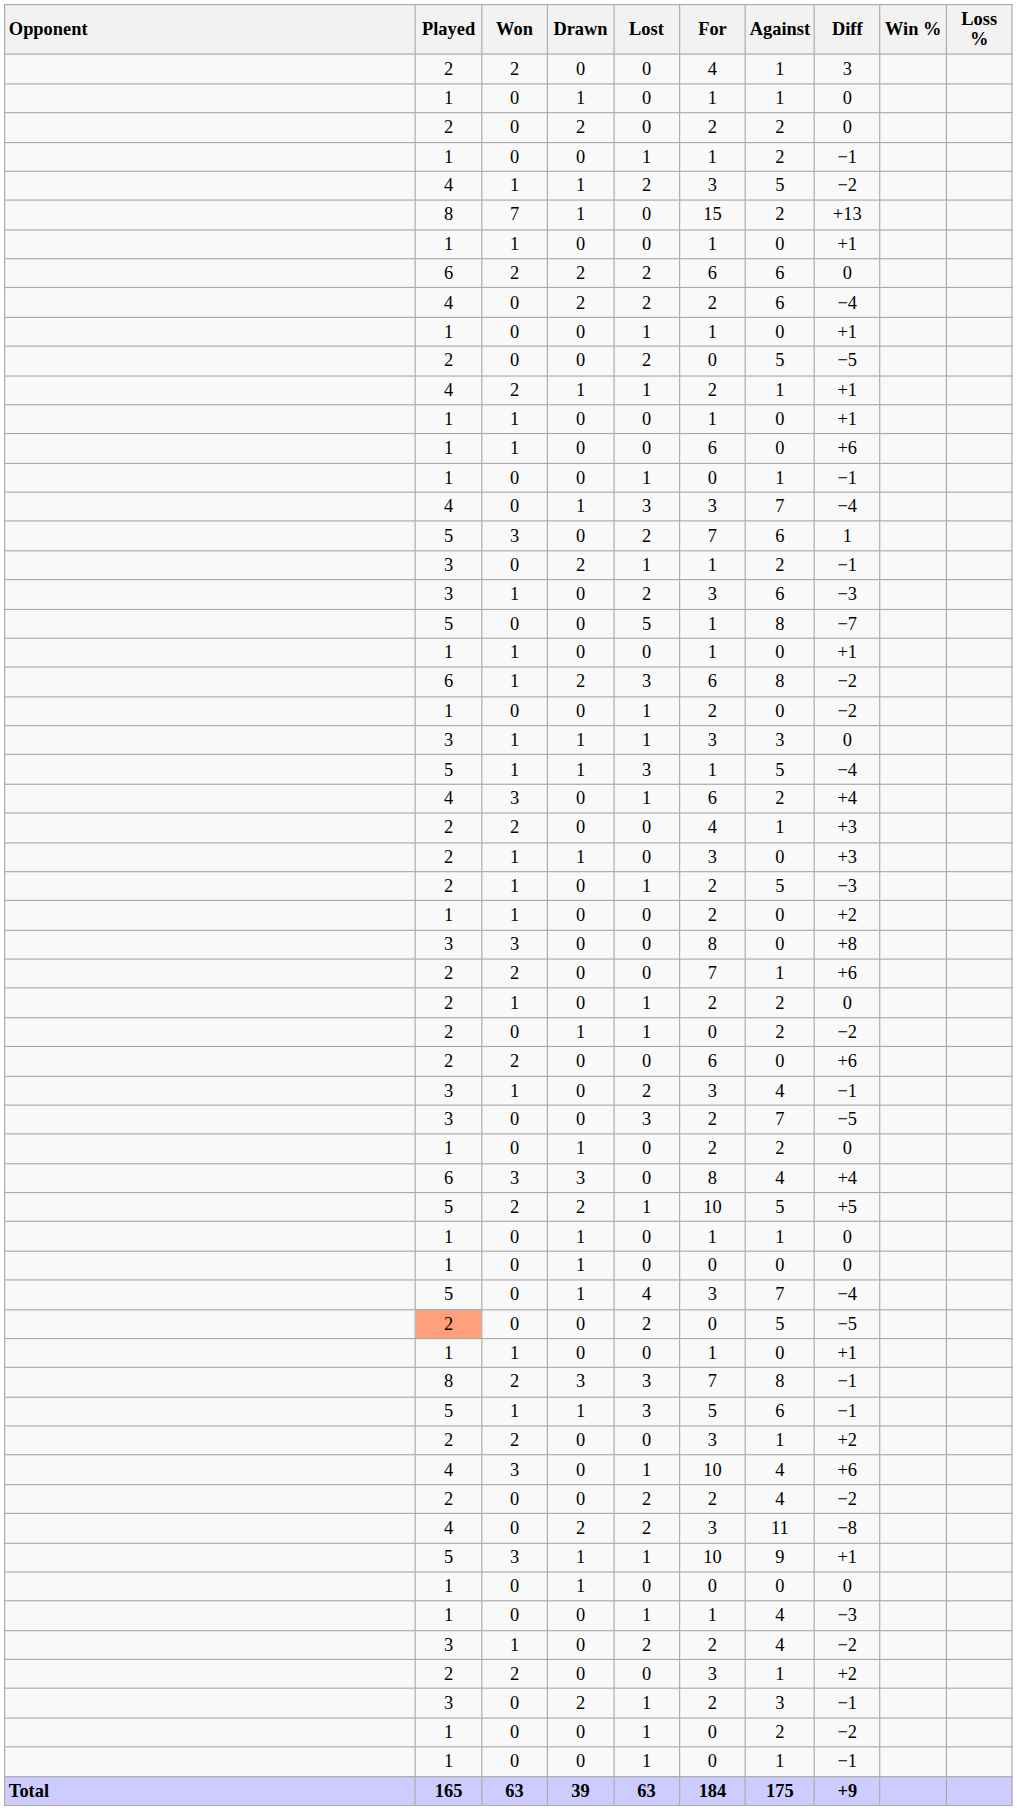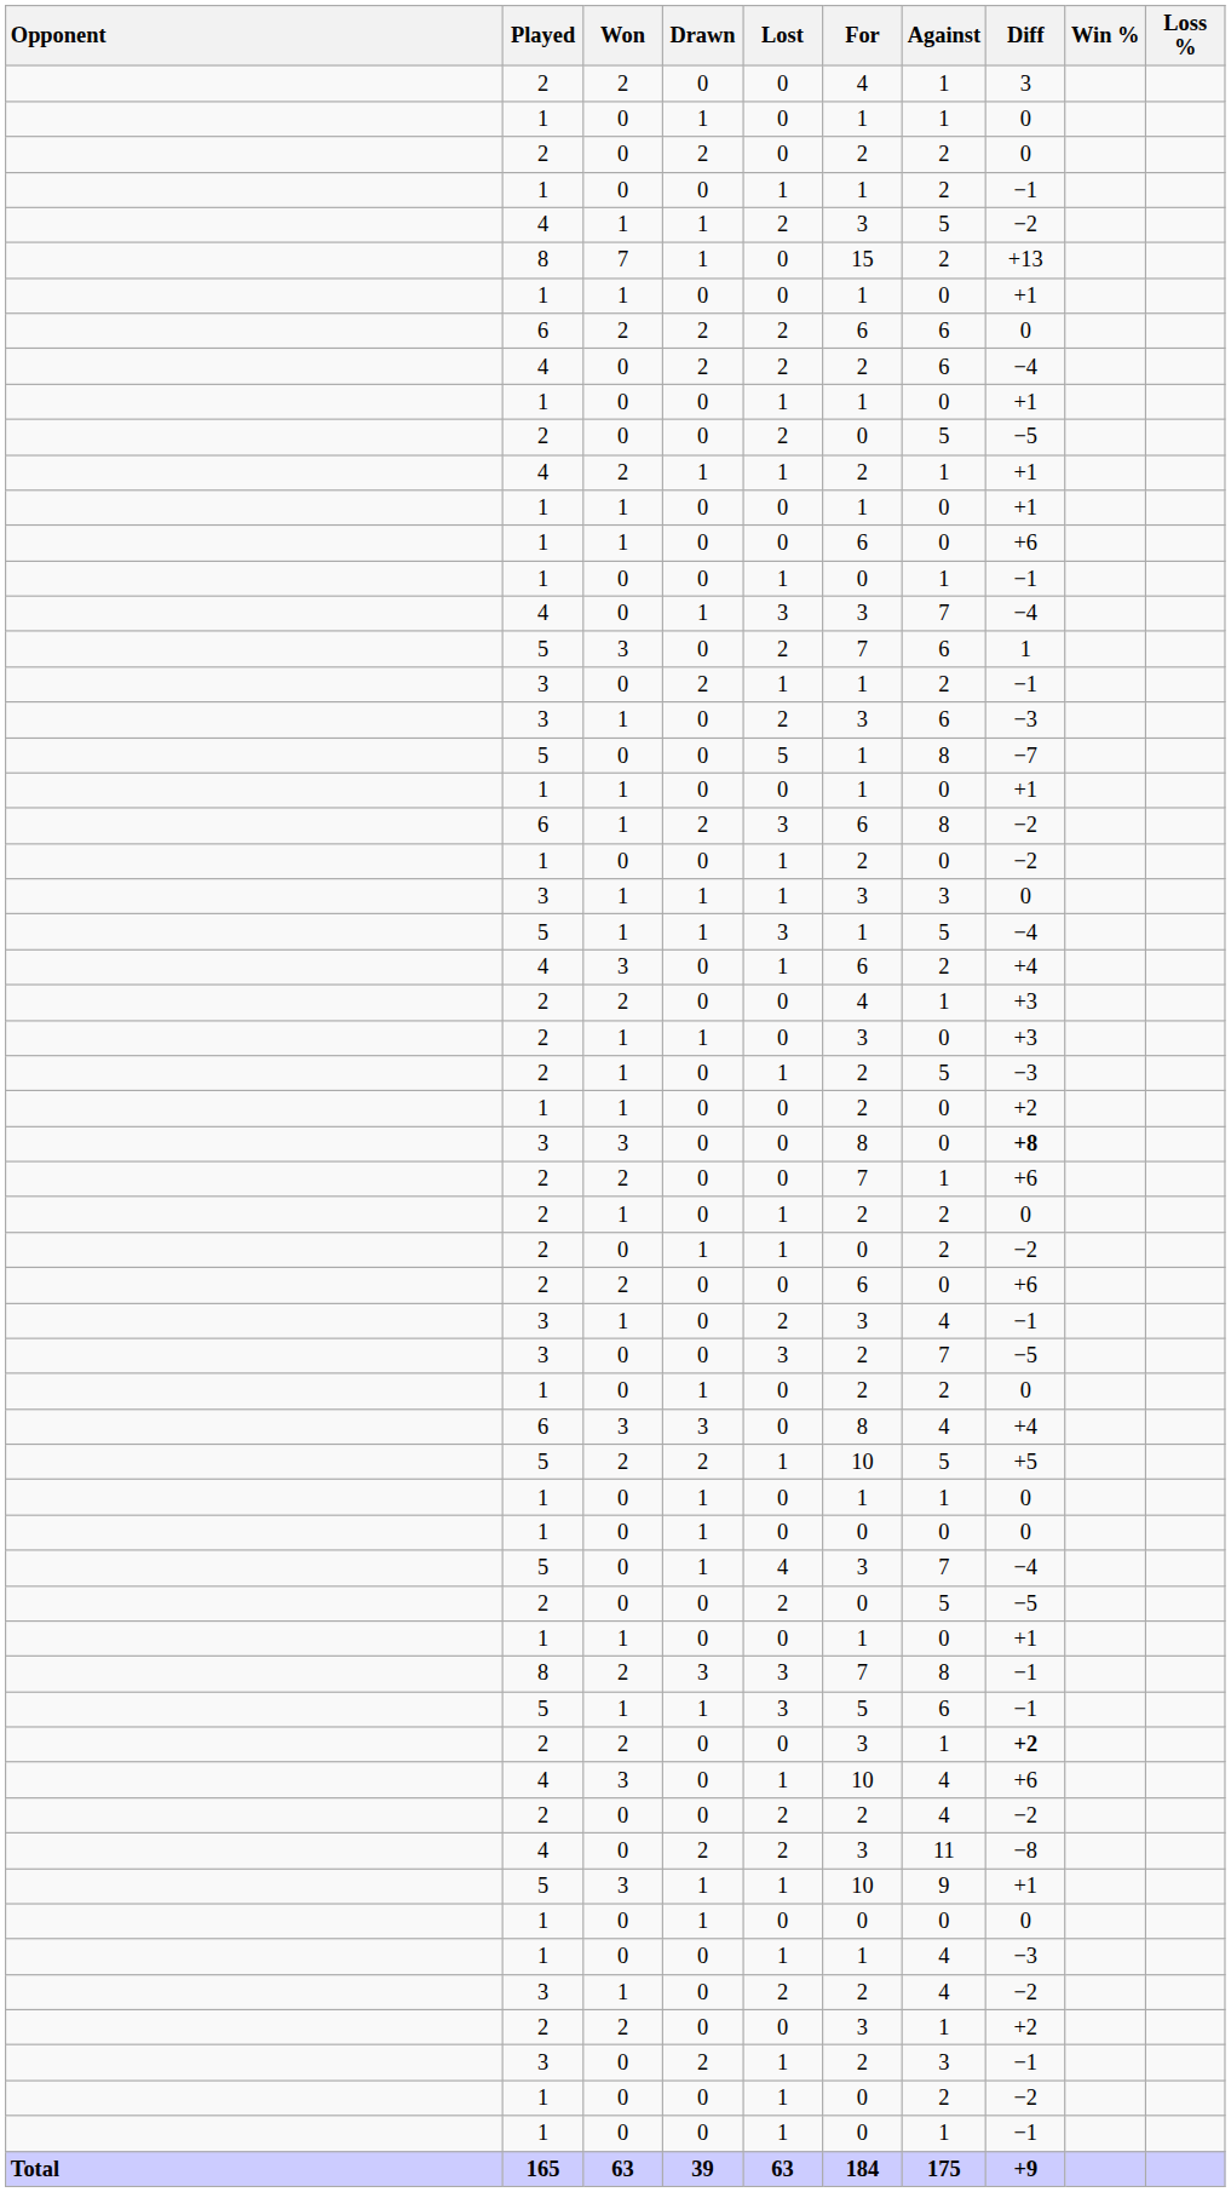 <table class="wikitable" style="text-align:center">
 <tr>
 <th style="width:350px;text-align:left">Opponent</th>
 <th style="width:50px">Played</th>
 <th style="width:50px">Won</th>
 <th style="width:50px">Drawn</th>
 <th style="width:50px">Lost</th>
 <th style="width:50px">For</th>
 <th style="width:50px">Against</th>
 <th style="width:50px">Diff</th>
 <th style="width:50px">Win %</th>
 <th style="width:50px">Loss %</th>
 </tr>
 <tr>
 <td style="text-align:left"><strong></strong></td>
 <td>2</td>
 <td>2</td>
 <td>0</td>
 <td>0</td>
 <td>4</td>
 <td>1</td>
 <td>3</td>
 <td></td>
 <td></td>
 </tr>
 <tr>
 <td style="text-align:left"><strong></strong></td>
 <td>1</td>
 <td>0</td>
 <td>1</td>
 <td>0</td>
 <td>1</td>
 <td>1</td>
 <td>0</td>
 <td></td>
 <td></td>
 </tr>
 <tr>
 <td style="text-align:left"><strong></strong></td>
 <td>2</td>
 <td>0</td>
 <td>2</td>
 <td>0</td>
 <td>2</td>
 <td>2</td>
 <td>0</td>
 <td></td>
 <td></td>
 </tr>
 <tr>
 <td style="text-align:left"><strong></strong></td>
 <td>1</td>
 <td>0</td>
 <td>0</td>
 <td>1</td>
 <td>1</td>
 <td>2</td>
 <td>−1</td>
 <td></td>
 <td></td>
 </tr>
 <tr>
 <td style="text-align:left"><strong></strong></td>
 <td>4</td>
 <td>1</td>
 <td>1</td>
 <td>2</td>
 <td>3</td>
 <td>5</td>
 <td>−2</td>
 <td></td>
 <td></td>
 </tr>
 <tr>
 <td style="text-align:left"><strong></strong></td>
 <td>8</td>
 <td>7</td>
 <td>1</td>
 <td>0</td>
 <td>15</td>
 <td>2</td>
 <td>+13</td>
 <td></td>
 <td></td>
 </tr>
 <tr>
 <td style="text-align:left"><strong></strong></td>
 <td>1</td>
 <td>1</td>
 <td>0</td>
 <td>0</td>
 <td>1</td>
 <td>0</td>
 <td>+1</td>
 <td></td>
 <td></td>
 </tr>
 <tr>
 <td style="text-align:left"><strong></strong></td>
 <td>6</td>
 <td>2</td>
 <td>2</td>
 <td>2</td>
 <td>6</td>
 <td>6</td>
 <td>0</td>
 <td></td>
 <td></td>
 </tr>
 <tr>
 <td style="text-align:left"><strong></strong></td>
 <td>4</td>
 <td>0</td>
 <td>2</td>
 <td>2</td>
 <td>2</td>
 <td>6</td>
 <td>−4</td>
 <td></td>
 <td></td>
 </tr>
 <tr>
 <td style="text-align:left"><strong></strong></td>
 <td>1</td>
 <td>0</td>
 <td>0</td>
 <td>1</td>
 <td>1</td>
 <td>0</td>
 <td>+1</td>
 <td></td>
 <td></td>
 </tr>
 <tr>
 <td style="text-align:left"><strong></strong></td>
 <td>2</td>
 <td>0</td>
 <td>0</td>
 <td>2</td>
 <td>0</td>
 <td>5</td>
 <td>−5</td>
 <td></td>
 <td></td>
 </tr>
 <tr>
 <td style="text-align:left"><strong></strong></td>
 <td>4</td>
 <td>2</td>
 <td>1</td>
 <td>1</td>
 <td>2</td>
 <td>1</td>
 <td>+1</td>
 <td></td>
 <td></td>
 </tr>
 <tr>
 <td style="text-align:left"><strong></strong></td>
 <td>1</td>
 <td>1</td>
 <td>0</td>
 <td>0</td>
 <td>1</td>
 <td>0</td>
 <td>+1</td>
 <td></td>
 <td></td>
 </tr>
 <tr>
 <td style="text-align:left"><strong></strong></td>
 <td>1</td>
 <td>1</td>
 <td>0</td>
 <td>0</td>
 <td>6</td>
 <td>0</td>
 <td>+6</td>
 <td></td>
 <td></td>
 </tr>
 <tr>
 <td style="text-align:left"><strong></strong></td>
 <td>1</td>
 <td>0</td>
 <td>0</td>
 <td>1</td>
 <td>0</td>
 <td>1</td>
 <td>−1</td>
 <td></td>
 <td></td>
 </tr>
 <tr>
 <td style="text-align:left"><strong></strong></td>
 <td>4</td>
 <td>0</td>
 <td>1</td>
 <td>3</td>
 <td>3</td>
 <td>7</td>
 <td>−4</td>
 <td></td>
 <td></td>
 </tr>
 <tr>
 <td style="text-align:left"><strong></strong></td>
 <td>5</td>
 <td>3</td>
 <td>0</td>
 <td>2</td>
 <td>7</td>
 <td>6</td>
 <td>1</td>
 <td></td>
 <td></td>
 </tr>
 <tr>
 <td style="text-align:left"><strong></strong></td>
 <td>3</td>
 <td>0</td>
 <td>2</td>
 <td>1</td>
 <td>1</td>
 <td>2</td>
 <td>−1</td>
 <td></td>
 <td></td>
 </tr>
 <tr>
 <td style="text-align:left"><strong></strong></td>
 <td>3</td>
 <td>1</td>
 <td>0</td>
 <td>2</td>
 <td>3</td>
 <td>6</td>
 <td>−3</td>
 <td></td>
 <td></td>
 </tr>
 <tr>
 <td style="text-align:left"><strong></strong></td>
 <td>5</td>
 <td>0</td>
 <td>0</td>
 <td>5</td>
 <td>1</td>
 <td>8</td>
 <td>−7</td>
 <td></td>
 <td></td>
 </tr>
 <tr>
 <td style="text-align:left"><strong></strong></td>
 <td>1</td>
 <td>1</td>
 <td>0</td>
 <td>0</td>
 <td>1</td>
 <td>0</td>
 <td>+1</td>
 <td></td>
 <td></td>
 </tr>
 <tr>
 <td style="text-align:left"><strong></strong></td>
 <td>6</td>
 <td>1</td>
 <td>2</td>
 <td>3</td>
 <td>6</td>
 <td>8</td>
 <td>−2</td>
 <td></td>
 <td></td>
 </tr>
 <tr>
 <td style="text-align:left"><strong></strong></td>
 <td>1</td>
 <td>0</td>
 <td>0</td>
 <td>1</td>
 <td>2</td>
 <td>0</td>
 <td>−2</td>
 <td></td>
 <td></td>
 </tr>
 <tr>
 <td style="text-align:left"><strong></strong></td>
 <td>3</td>
 <td>1</td>
 <td>1</td>
 <td>1</td>
 <td>3</td>
 <td>3</td>
 <td>0</td>
 <td></td>
 <td></td>
 </tr>
 <tr>
 <td style="text-align:left"><strong></strong></td>
 <td>5</td>
 <td>1</td>
 <td>1</td>
 <td>3</td>
 <td>1</td>
 <td>5</td>
 <td>−4</td>
 <td></td>
 <td></td>
 </tr>
 <tr>
 <td style="text-align:left"><strong></strong></td>
 <td>4</td>
 <td>3</td>
 <td>0</td>
 <td>1</td>
 <td>6</td>
 <td>2</td>
 <td>+4</td>
 <td></td>
 <td></td>
 </tr>
 <tr>
 <td style="text-align:left"><strong></strong></td>
 <td>2</td>
 <td>2</td>
 <td>0</td>
 <td>0</td>
 <td>4</td>
 <td>1</td>
 <td>+3</td>
 <td></td>
 <td></td>
 </tr>
 <tr>
 <td style="text-align:left"><strong></strong></td>
 <td>2</td>
 <td>1</td>
 <td>1</td>
 <td>0</td>
 <td>3</td>
 <td>0</td>
 <td>+3</td>
 <td></td>
 <td></td>
 </tr>
 <tr>
 <td style="text-align:left"><strong></strong></td>
 <td>2</td>
 <td>1</td>
 <td>0</td>
 <td>1</td>
 <td>2</td>
 <td>5</td>
 <td>−3</td>
 <td></td>
 <td></td>
 </tr>
 <tr>
 <td style="text-align:left"><strong></strong></td>
 <td>1</td>
 <td>1</td>
 <td>0</td>
 <td>0</td>
 <td>2</td>
 <td>0</td>
 <td>+2</td>
 <td></td>
 <td></td>
 </tr>
 <tr>
 <td style="text-align:left"><strong></strong></td>
 <td>3</td>
 <td>3</td>
 <td>0</td>
 <td>0</td>
 <td>8</td>
 <td>0</td>
-<td>+8</td>
+<td><strong>+8</strong></td>
 <td></td>
 <td></td>
 </tr>
 <tr>
 <td style="text-align:left"><strong></strong></td>
 <td>2</td>
 <td>2</td>
 <td>0</td>
 <td>0</td>
 <td>7</td>
 <td>1</td>
 <td>+6</td>
 <td></td>
 <td></td>
 </tr>
 <tr>
 <td style="text-align:left"><strong></strong></td>
 <td>2</td>
 <td>1</td>
 <td>0</td>
 <td>1</td>
 <td>2</td>
 <td>2</td>
 <td>0</td>
 <td></td>
 <td></td>
 </tr>
 <tr>
 <td style="text-align:left"><strong></strong></td>
 <td>2</td>
 <td>0</td>
 <td>1</td>
 <td>1</td>
 <td>0</td>
 <td>2</td>
 <td>−2</td>
 <td></td>
 <td></td>
 </tr>
 <tr>
 <td style="text-align:left"><strong></strong></td>
 <td>2</td>
 <td>2</td>
 <td>0</td>
 <td>0</td>
 <td>6</td>
 <td>0</td>
 <td>+6</td>
 <td></td>
 <td></td>
 </tr>
 <tr>
 <td style="text-align:left"><strong></strong></td>
 <td>3</td>
 <td>1</td>
 <td>0</td>
 <td>2</td>
 <td>3</td>
 <td>4</td>
 <td>−1</td>
 <td></td>
 <td></td>
 </tr>
 <tr>
 <td style="text-align:left"><strong></strong></td>
 <td>3</td>
 <td>0</td>
 <td>0</td>
 <td>3</td>
 <td>2</td>
 <td>7</td>
 <td>−5</td>
 <td></td>
 <td></td>
 </tr>
 <tr>
 <td style="text-align:left"><strong></strong></td>
 <td>1</td>
 <td>0</td>
 <td>1</td>
 <td>0</td>
 <td>2</td>
 <td>2</td>
 <td>0</td>
 <td></td>
 <td></td>
 </tr>
 <tr>
 <td style="text-align:left"><strong></strong></td>
 <td>6</td>
 <td>3</td>
 <td>3</td>
 <td>0</td>
 <td>8</td>
 <td>4</td>
 <td>+4</td>
 <td></td>
 <td></td>
 </tr>
 <tr>
 <td style="text-align:left"><strong></strong></td>
 <td>5</td>
 <td>2</td>
 <td>2</td>
 <td>1</td>
 <td>10</td>
 <td>5</td>
 <td>+5</td>
 <td></td>
 <td></td>
 </tr>
 <tr>
 <td style="text-align:left"><strong></strong></td>
 <td>1</td>
 <td>0</td>
 <td>1</td>
 <td>0</td>
 <td>1</td>
 <td>1</td>
 <td>0</td>
 <td></td>
 <td></td>
 </tr>
 <tr>
 <td style="text-align:left"><strong></strong></td>
 <td>1</td>
 <td>0</td>
 <td>1</td>
 <td>0</td>
 <td>0</td>
 <td>0</td>
 <td>0</td>
 <td></td>
 <td></td>
 </tr>
 <tr>
 <td style="text-align:left"><strong></strong></td>
 <td>5</td>
 <td>0</td>
 <td>1</td>
 <td>4</td>
 <td>3</td>
 <td>7</td>
 <td>−4</td>
 <td></td>
 <td></td>
 </tr>
 <tr>
 <td style="text-align:left"><strong></strong></td>
-<td style="background: lightsalmon;">2</td>
+<td>2</td>
 <td>0</td>
 <td>0</td>
 <td>2</td>
 <td>0</td>
 <td>5</td>
 <td>−5</td>
 <td></td>
 <td></td>
 </tr>
 <tr>
 <td style="text-align:left"><strong></strong></td>
 <td>1</td>
 <td>1</td>
 <td>0</td>
 <td>0</td>
 <td>1</td>
 <td>0</td>
 <td>+1</td>
 <td></td>
 <td></td>
 </tr>
 <tr>
 <td style="text-align:left"><strong></strong></td>
 <td>8</td>
 <td>2</td>
 <td>3</td>
 <td>3</td>
 <td>7</td>
 <td>8</td>
 <td>−1</td>
 <td></td>
 <td></td>
 </tr>
 <tr>
 <td style="text-align:left"><strong></strong></td>
 <td>5</td>
 <td>1</td>
 <td>1</td>
 <td>3</td>
 <td>5</td>
 <td>6</td>
 <td>−1</td>
 <td></td>
 <td></td>
 </tr>
 <tr>
 <td style="text-align:left"><strong></strong></td>
 <td>2</td>
 <td>2</td>
 <td>0</td>
 <td>0</td>
 <td>3</td>
 <td>1</td>
-<td>+2</td>
+<td><strong>+2</strong></td>
 <td></td>
 <td></td>
 </tr>
 <tr>
 <td style="text-align:left"><strong></strong></td>
 <td>4</td>
 <td>3</td>
 <td>0</td>
 <td>1</td>
 <td>10</td>
 <td>4</td>
 <td>+6</td>
 <td></td>
 <td></td>
 </tr>
 <tr>
 <td style="text-align:left"><strong></strong></td>
 <td>2</td>
 <td>0</td>
 <td>0</td>
 <td>2</td>
 <td>2</td>
 <td>4</td>
 <td>−2</td>
 <td></td>
 <td></td>
 </tr>
 <tr>
 <td style="text-align:left"><strong></strong></td>
 <td>4</td>
 <td>0</td>
 <td>2</td>
 <td>2</td>
 <td>3</td>
 <td>11</td>
 <td>−8</td>
 <td></td>
 <td></td>
 </tr>
 <tr>
 <td style="text-align:left"><strong></strong></td>
 <td>5</td>
 <td>3</td>
 <td>1</td>
 <td>1</td>
 <td>10</td>
 <td>9</td>
 <td>+1</td>
 <td></td>
 <td></td>
 </tr>
 <tr>
 <td style="text-align:left"><strong></strong></td>
 <td>1</td>
 <td>0</td>
 <td>1</td>
 <td>0</td>
 <td>0</td>
 <td>0</td>
 <td>0</td>
 <td></td>
 <td></td>
 </tr>
 <tr>
 <td style="text-align:left"><strong></strong></td>
 <td>1</td>
 <td>0</td>
 <td>0</td>
 <td>1</td>
 <td>1</td>
 <td>4</td>
 <td>−3</td>
 <td></td>
 <td></td>
 </tr>
 <tr>
 <td style="text-align:left"><strong></strong></td>
 <td>3</td>
 <td>1</td>
 <td>0</td>
 <td>2</td>
 <td>2</td>
 <td>4</td>
 <td>−2</td>
 <td></td>
 <td></td>
 </tr>
 <tr>
 <td style="text-align:left"><strong></strong></td>
 <td>2</td>
 <td>2</td>
 <td>0</td>
 <td>0</td>
 <td>3</td>
 <td>1</td>
 <td>+2</td>
 <td></td>
 <td></td>
 </tr>
 <tr>
 <td style="text-align:left"><strong></strong></td>
 <td>3</td>
 <td>0</td>
 <td>2</td>
 <td>1</td>
 <td>2</td>
 <td>3</td>
 <td>−1</td>
 <td></td>
 <td></td>
 </tr>
 <tr>
 <td style="text-align:left"><strong></strong></td>
 <td>1</td>
 <td>0</td>
 <td>0</td>
 <td>1</td>
 <td>0</td>
 <td>2</td>
 <td>−2</td>
 <td></td>
 <td></td>
 </tr>
 <tr>
 <td style="text-align:left"><strong></strong></td>
 <td>1</td>
 <td>0</td>
 <td>0</td>
 <td>1</td>
 <td>0</td>
 <td>1</td>
 <td>−1</td>
 <td></td>
 <td></td>
 </tr>
 <tr style="background:#ccf">
 <td style="text-align:left"><strong>Total</strong></td>
 <td><strong>165</strong></td>
 <td><strong>63</strong></td>
 <td><strong>39</strong></td>
 <td><strong>63</strong></td>
 <td><strong>184</strong></td>
 <td><strong>175</strong></td>
 <td><strong>+9</strong></td>
 <td><strong></strong></td>
 <td><strong></strong></td>
 </tr>
 </table>
